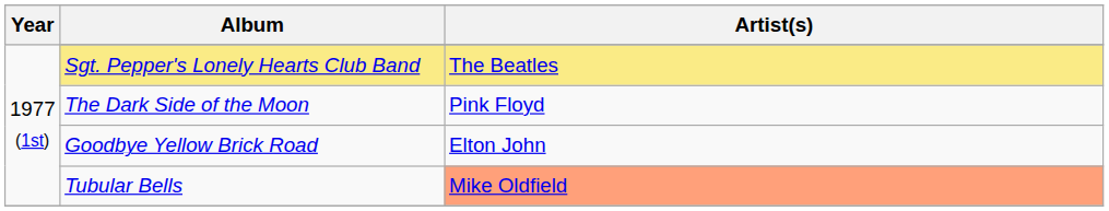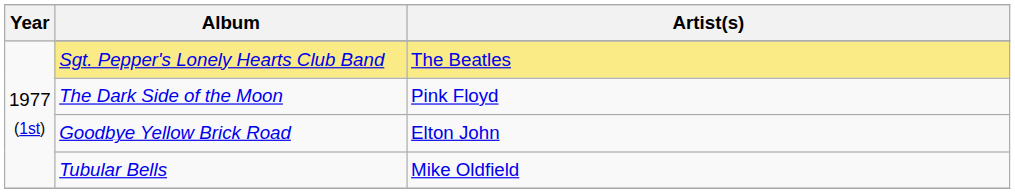 <table class="wikitable" style="font-size:1.00em; line-height:1.5em;">
 <tr bgcolor="#bebebe">
 </tr>
 <tr bgcolor="#bebebe">
 <th width="5%">Year</th>
 <th width="35%">Album</th>
 <th width="60%">Artist(s)</th>
 </tr>
 <tr>
 <td rowspan="5" style="text-align:center;">1977 <br><small>(<a href='#'>1st</a>)</small></td>
 </tr>
 <tr style="background:#FAEB86;">
 <td><em><a href='#'>Sgt. Pepper's Lonely Hearts Club Band</a></em></td>
 <td><a href='#'>The Beatles</a></td>
 </tr>
 <tr>
 <td><em><a href='#'>The Dark Side of the Moon</a></em></td>
 <td><a href='#'>Pink Floyd</a></td>
 </tr>
 <tr>
 <td><em><a href='#'>Goodbye Yellow Brick Road</a></em></td>
 <td><a href='#'>Elton John</a></td>
 </tr>
 <tr>
 <td><em><a href='#'>Tubular Bells</a></em></td>
-<td style="background: lightsalmon;"><a href='#'>Mike Oldfield</a></td>
+<td><a href='#'>Mike Oldfield</a></td>
 </tr>
 <tr>
 </tr>
 </table>
